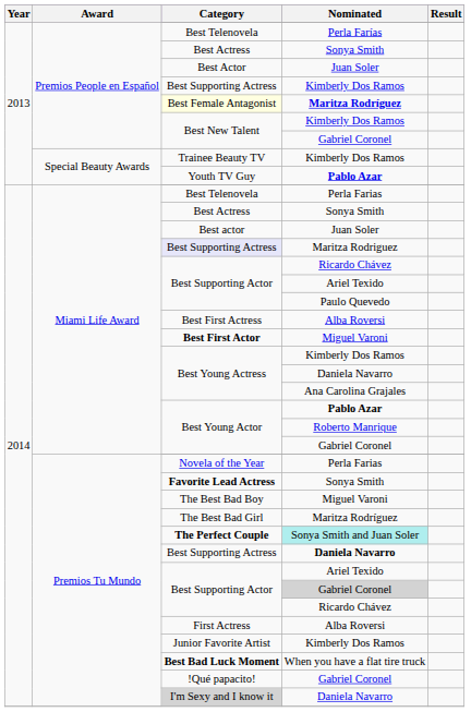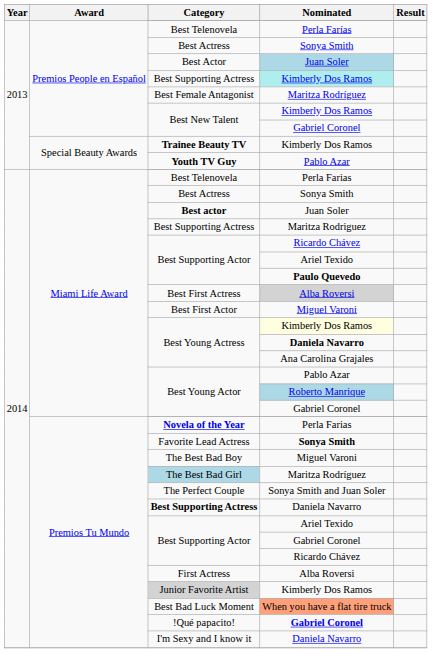 <table class="wikitable plainrowheaders" style="text-align:center">
 <tr style="background:#96c;">
 <th scope="col">Year</th>
 <th scope="col">Award</th>
 <th scope="col">Category</th>
 <th scope="col">Nominated</th>
 <th scope="col">Result</th>
 </tr>
 <tr>
 <td scope="row" rowspan="10">2013</td>
 <td rowspan="8"><a href='#'>Premios People en Español</a></td>
 </tr>
 <tr>
 <td scope="row">Best Telenovela</td>
 <td><a href='#'>Perla Farías</a></td>
 <td></td>
 </tr>
 <tr>
 <td scope="row">Best Actress</td>
 <td><a href='#'>Sonya Smith</a></td>
 <td></td>
 </tr>
 <tr>
 <td scope="row">Best Actor</td>
-<td><a href='#'>Juan Soler</a></td>
+<td style="background: lightblue;"><a href='#'>Juan Soler</a></td>
 <td></td>
 </tr>
 <tr>
 <td scope="row">Best Supporting Actress</td>
-<td><a href='#'>Kimberly Dos Ramos</a></td>
+<td style="background: paleturquoise;"><a href='#'>Kimberly Dos Ramos</a></td>
 <td></td>
 </tr>
 <tr>
-<td scope="row" style="background: lightyellow;">Best Female Antagonist</td>
-<td><strong><a href='#'>Maritza Rodríguez</a></strong></td>
+<td scope="row">Best Female Antagonist</td>
+<td><a href='#'>Maritza Rodríguez</a></td>
 <td></td>
 </tr>
 <tr>
 <td scope="row" rowspan="2">Best New Talent</td>
 <td><a href='#'>Kimberly Dos Ramos</a></td>
 <td></td>
 </tr>
 <tr>
 <td scope="row"><a href='#'>Gabriel Coronel</a></td>
 <td></td>
 </tr>
 <tr>
 <td scope="row" rowspan="2">Special Beauty Awards</td>
-<td>Trainee Beauty TV</td>
+<td><strong>Trainee Beauty TV</strong></td>
 <td>Kimberly Dos Ramos</td>
 <td></td>
 </tr>
 <tr>
-<td scope="row">Youth TV Guy</td>
-<td><strong><a href='#'>Pablo Azar</a></strong></td>
+<td scope="row"><strong>Youth TV Guy</strong></td>
+<td><a href='#'>Pablo Azar</a></td>
 <td></td>
 </tr>
 <tr>
 <td scope="row" rowspan="31">2014</td>
 <td rowspan="16"><a href='#'>Miami Life Award</a></td>
 </tr>
 <tr>
 <td scope="row">Best Telenovela</td>
 <td>Perla Farias</td>
 <td></td>
 </tr>
 <tr>
 <td scope="row">Best Actress</td>
 <td>Sonya Smith</td>
 <td></td>
 </tr>
 <tr>
-<td scope="row">Best actor</td>
+<td scope="row"><strong>Best actor</strong></td>
 <td>Juan Soler</td>
 <td></td>
 </tr>
 <tr>
-<td scope="row" style="background: lavender;">Best Supporting Actress</td>
+<td scope="row">Best Supporting Actress</td>
 <td>Maritza Rodriguez</td>
 <td></td>
 </tr>
 <tr>
 <td scope="row" rowspan="3">Best Supporting Actor</td>
 <td><a href='#'>Ricardo Chávez</a></td>
 <td></td>
 </tr>
 <tr>
 <td scope="row">Ariel Texido</td>
 <td></td>
 </tr>
 <tr>
-<td scope="row">Paulo Quevedo</td>
+<td scope="row"><strong>Paulo Quevedo</strong></td>
 <td></td>
 </tr>
 <tr>
 <td scope="row">Best First Actress</td>
-<td><a href='#'>Alba Roversi</a></td>
+<td style="background: lightgrey;"><a href='#'>Alba Roversi</a></td>
 <td></td>
 </tr>
 <tr>
-<td scope="row"><strong>Best First Actor</strong></td>
+<td scope="row">Best First Actor</td>
 <td><a href='#'>Miguel Varoni</a></td>
 <td></td>
 </tr>
 <tr>
 <td scope="row" rowspan="3">Best Young Actress</td>
-<td>Kimberly Dos Ramos</td>
+<td style="background: lightyellow;">Kimberly Dos Ramos</td>
 <td></td>
 </tr>
 <tr>
-<td scope="row">Daniela Navarro</td>
+<td scope="row"><strong>Daniela Navarro</strong></td>
 <td></td>
 </tr>
 <tr>
 <td scope="row">Ana Carolina Grajales</td>
 <td></td>
 </tr>
 <tr>
 <td scope="row" rowspan="3">Best Young Actor</td>
-<td><strong>Pablo Azar</strong></td>
+<td>Pablo Azar</td>
 <td></td>
 </tr>
 <tr>
-<td scope="row"><a href='#'>Roberto Manrique</a></td>
+<td scope="row" style="background: lightblue;"><a href='#'>Roberto Manrique</a></td>
 <td></td>
 </tr>
 <tr>
 <td scope="row">Gabriel Coronel</td>
 <td></td>
 </tr>
 <tr>
 <td scope="row" rowspan="15"><a href='#'>Premios Tu Mundo</a></td>
 </tr>
 <tr>
-<td scope="row"><a href='#'>Novela of the Year</a></td>
+<td scope="row"><strong><a href='#'>Novela of the Year</a></strong></td>
 <td>Perla Farias</td>
 <td></td>
 </tr>
 <tr>
-<td scope="row"><strong>Favorite Lead Actress</strong></td>
-<td>Sonya Smith</td>
+<td scope="row">Favorite Lead Actress</td>
+<td><strong>Sonya Smith</strong></td>
 <td></td>
 </tr>
 <tr>
 <td scope="row">The Best Bad Boy</td>
 <td>Miguel Varoni</td>
 <td></td>
 </tr>
 <tr>
-<td scope="row">The Best Bad Girl</td>
+<td scope="row" style="background: lightblue;">The Best Bad Girl</td>
 <td>Maritza Rodríguez</td>
 <td></td>
 </tr>
 <tr>
-<td scope="row"><strong>The Perfect Couple</strong></td>
-<td style="background: paleturquoise;">Sonya Smith and Juan Soler</td>
+<td scope="row">The Perfect Couple</td>
+<td>Sonya Smith and Juan Soler</td>
 <td></td>
 </tr>
 <tr>
-<td scope="row">Best Supporting Actress</td>
-<td><strong>Daniela Navarro</strong></td>
+<td scope="row"><strong>Best Supporting Actress</strong></td>
+<td>Daniela Navarro</td>
 <td></td>
 </tr>
 <tr>
 <td scope="row" rowspan="3">Best Supporting Actor</td>
 <td>Ariel Texido</td>
 <td></td>
 </tr>
 <tr>
-<td scope="row" style="background: lightgrey;">Gabriel Coronel</td>
+<td scope="row">Gabriel Coronel</td>
 <td></td>
 </tr>
 <tr>
 <td scope="row">Ricardo Chávez</td>
 <td></td>
 </tr>
 <tr>
 <td scope="row">First Actress</td>
 <td>Alba Roversi</td>
 <td></td>
 </tr>
 <tr>
-<td scope="row">Junior Favorite Artist</td>
+<td scope="row" style="background: lightgrey;">Junior Favorite Artist</td>
 <td>Kimberly Dos Ramos</td>
 <td></td>
 </tr>
 <tr>
-<td scope="row"><strong>Best Bad Luck Moment</strong></td>
-<td>When you have a flat tire truck</td>
+<td scope="row">Best Bad Luck Moment</td>
+<td style="background: lightsalmon;">When you have a flat tire truck</td>
 <td></td>
 </tr>
 <tr>
 <td scope="row">!Qué papacito!</td>
-<td><a href='#'>Gabriel Coronel</a></td>
+<td><strong><a href='#'>Gabriel Coronel</a></strong></td>
 <td></td>
 </tr>
 <tr>
-<td scope="row" style="background: lightgrey;">I'm Sexy and I know it</td>
+<td scope="row">I'm Sexy and I know it</td>
 <td><a href='#'>Daniela Navarro</a></td>
 <td></td>
 </tr>
 <tr>
 </tr>
 </table>
